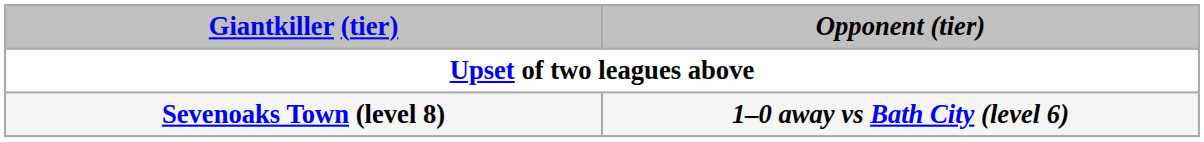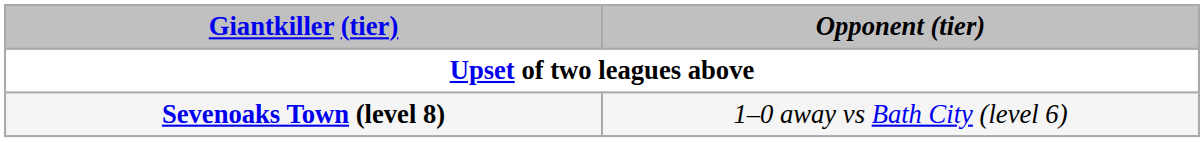 <table class="wikitable" style="width: 575px; background:WhiteSmoke; text-align:center; font-size:80%">
 <tr>
 <td scope="col" style="width: 30.00%; background:silver;"><strong><a href='#'>Giantkiller</a> <a href='#'>(tier)</a></strong></td>
 <td scope="col" style="width: 30.00%; background:silver;"><strong> <em>Opponent (tier)</em> </strong></td>
 </tr>
 <tr>
 <td colspan="2" style= background:White><strong><a href='#'>Upset</a> of two leagues above</strong></td>
 </tr>
 <tr>
 <td><strong><a href='#'>Sevenoaks Town</a> (level 8)</strong></td>
-<td><strong><em>1–0 away vs <a href='#'>Bath City</a> (level 6)</em></strong></td>
+<td><em>1–0 away vs <a href='#'>Bath City</a> (level 6)</em></td>
 </tr>
 </table>
